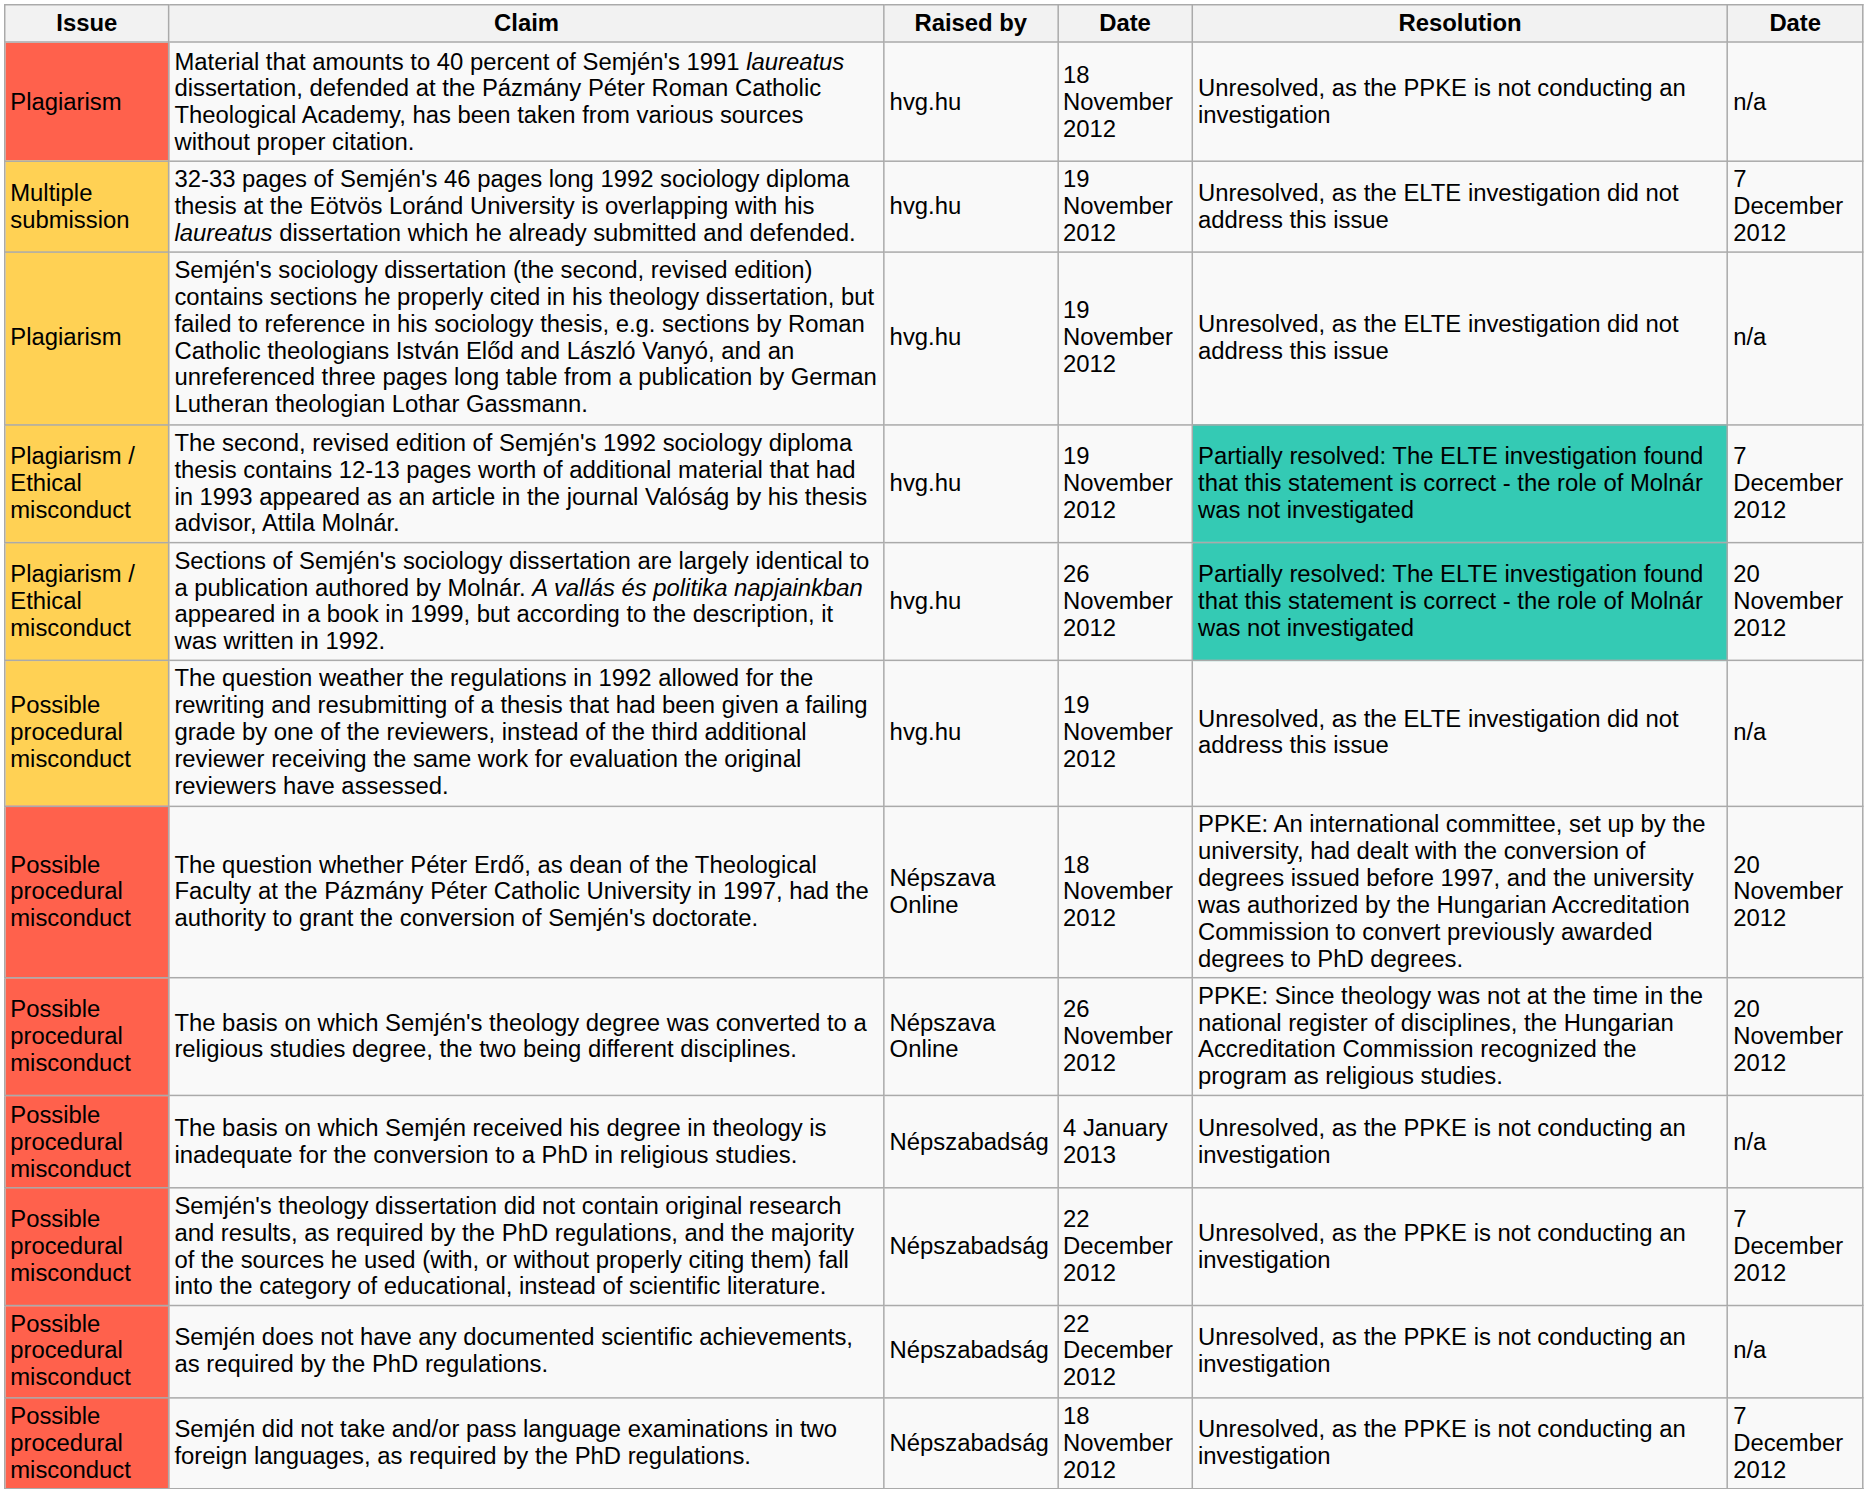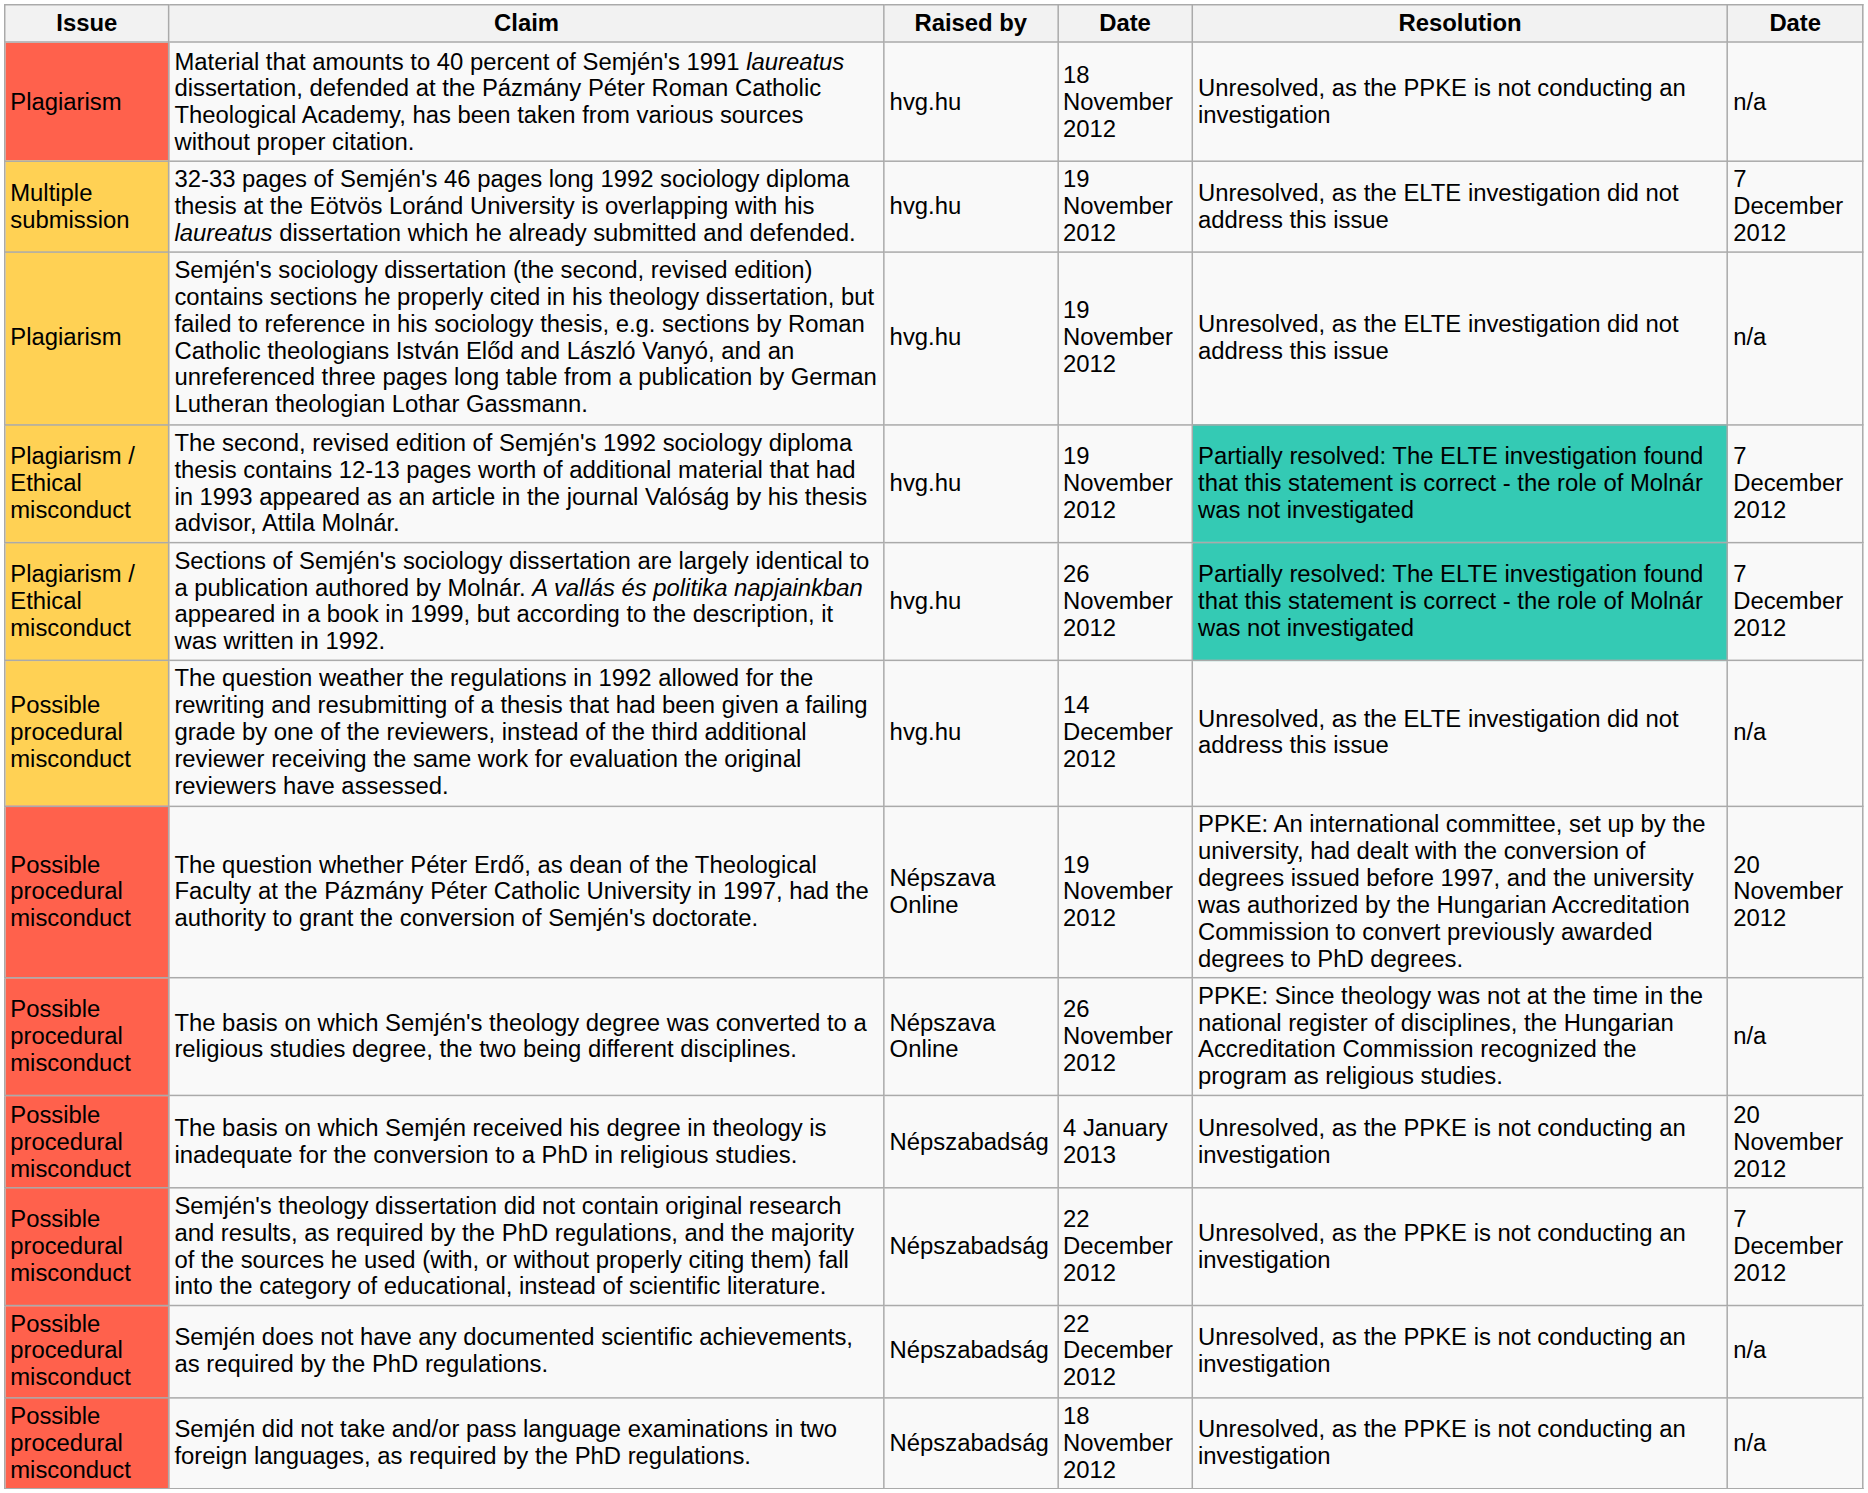 <table class="wikitable">
 <tr>
 <th>Issue</th>
 <th>Claim</th>
 <th>Raised by</th>
 <th>Date</th>
 <th>Resolution</th>
 <th>Date</th>
 </tr>
 <tr>
 <td ! scope="col" style="background:#ff614c;">Plagiarism</td>
 <td>Material that amounts to 40 percent of Semjén's  1991 <em>laureatus</em> dissertation, defended at the Pázmány Péter Roman Catholic Theological Academy, has been taken from various sources without proper citation.</td>
 <td>hvg.hu</td>
 <td>18 November 2012</td>
 <td>Unresolved, as the PPKE is not conducting an investigation</td>
 <td>n/a</td>
 </tr>
 <tr>
 <td ! scope="col" style="background:#ffd154;">Multiple submission</td>
 <td>32-33 pages of Semjén's 46 pages long 1992 sociology diploma thesis at the Eötvös Loránd University  is overlapping with his <em>laureatus</em> dissertation which he already submitted and defended.</td>
 <td>hvg.hu</td>
 <td>19 November 2012</td>
 <td>Unresolved, as the ELTE investigation did not address this issue</td>
 <td>7 December 2012</td>
 </tr>
 <tr>
 <td ! scope="col" style="background:#ffd154;">Plagiarism</td>
 <td>Semjén's sociology dissertation (the second, revised edition) contains sections he properly cited in his theology dissertation, but failed to reference in his sociology thesis, e.g. sections by Roman Catholic theologians István Előd and László Vanyó, and an unreferenced three pages long table from a publication by German Lutheran theologian Lothar Gassmann.</td>
 <td>hvg.hu</td>
 <td>19 November 2012</td>
 <td>Unresolved, as the ELTE investigation did not address this issue</td>
 <td>n/a</td>
 </tr>
 <tr>
 <td ! scope="col" style="background:#ffd154;">Plagiarism / Ethical misconduct</td>
 <td>The second, revised edition of Semjén's 1992 sociology diploma thesis contains 12-13 pages worth of additional material that had in 1993 appeared as an article in the journal Valóság by his thesis advisor, Attila Molnár.</td>
 <td>hvg.hu</td>
 <td>19 November 2012</td>
 <td ! scope="col" style="background:#34cab4;">Partially resolved: The ELTE investigation found that this statement is correct - the role of Molnár was not investigated</td>
 <td>7 December 2012</td>
 </tr>
 <tr>
 <td ! scope="col" style="background:#ffd154;">Plagiarism / Ethical misconduct</td>
 <td>Sections of Semjén's sociology dissertation are largely identical to a publication authored by Molnár. <em>A vallás és politika napjainkban</em> appeared in a book in 1999, but according to the description, it was written in 1992.</td>
 <td>hvg.hu</td>
 <td>26 November 2012</td>
 <td ! scope="col" style="background:#34cab4;">Partially resolved: The ELTE investigation found that this statement is correct - the role of Molnár was not investigated</td>
-<td>20 November 2012</td>
+<td>7 December 2012</td>
 </tr>
 <tr>
 <td ! scope="col" style="background:#ffd154;">Possible procedural misconduct</td>
 <td>The question weather the regulations in 1992 allowed for the rewriting and resubmitting of a thesis that had been given a failing grade by one of the reviewers, instead of the third additional reviewer receiving the same work for evaluation the original reviewers have assessed.</td>
 <td>hvg.hu</td>
-<td>19 November 2012</td>
+<td>14 December 2012</td>
 <td>Unresolved, as the ELTE investigation did not address this issue</td>
 <td>n/a</td>
 </tr>
 <tr>
 <td ! scope="col" style="background:#ff614c;">Possible procedural misconduct</td>
 <td>The question whether Péter Erdő, as dean of the Theological Faculty at the Pázmány Péter Catholic University in 1997, had the authority to grant the conversion of Semjén's doctorate.</td>
 <td>Népszava Online</td>
-<td>18 November 2012</td>
+<td>19 November 2012</td>
 <td>PPKE: An international committee, set up by the university, had dealt with the conversion of degrees issued before 1997, and the university was authorized by the Hungarian Accreditation Commission to convert previously awarded degrees to PhD degrees.</td>
 <td>20 November 2012</td>
 </tr>
 <tr>
 <td ! scope="col" style="background:#ff614c;">Possible procedural misconduct</td>
 <td>The basis on which Semjén's theology degree was converted to a religious studies degree, the two being different disciplines.</td>
 <td>Népszava Online</td>
 <td>26 November 2012</td>
 <td>PPKE: Since theology was not at the time in the national register of disciplines, the Hungarian Accreditation Commission recognized the program as religious studies.</td>
-<td>20 November 2012</td>
+<td>n/a</td>
 </tr>
 <tr>
 <td ! scope="col" style="background:#ff614c;">Possible procedural misconduct</td>
 <td>The basis on which Semjén received his degree in theology is inadequate for the conversion to a PhD in religious studies.</td>
 <td>Népszabadság</td>
 <td>4 January 2013</td>
 <td>Unresolved, as the PPKE is not conducting an investigation</td>
-<td>n/a</td>
+<td>20 November 2012</td>
 </tr>
 <tr>
 <td ! scope="col" style="background:#ff614c;">Possible procedural misconduct</td>
 <td>Semjén's theology dissertation did not contain original research and results,  as required by the PhD regulations, and the majority of the sources he used (with, or without properly citing them) fall into the category of educational, instead of scientific literature.</td>
 <td>Népszabadság</td>
 <td>22 December 2012</td>
 <td>Unresolved, as the PPKE is not conducting an investigation</td>
 <td>7 December 2012</td>
 </tr>
 <tr>
 <td ! scope="col" style="background:#ff614c;">Possible procedural misconduct</td>
 <td>Semjén does not have any documented scientific achievements, as required by the PhD regulations.</td>
 <td>Népszabadság</td>
 <td>22 December 2012</td>
 <td>Unresolved, as the PPKE is not conducting an investigation</td>
 <td>n/a</td>
 </tr>
 <tr>
 <td ! scope="col" style="background:#ff614c;">Possible procedural misconduct</td>
 <td>Semjén did not take and/or pass language examinations in two foreign languages, as required by the PhD regulations.</td>
 <td>Népszabadság</td>
 <td>18 November 2012</td>
 <td>Unresolved, as the PPKE is not conducting an investigation</td>
-<td>7 December 2012</td>
+<td>n/a</td>
 </tr>
 <tr>
 </tr>
 </table>
